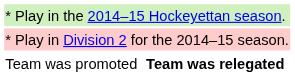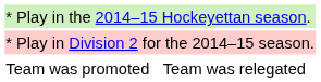 <table>
 <tr style="background: #D0F0C0;">
 <td colspan=2><small> * Play in the <a href='#'>2014–15 Hockeyettan season</a>.</small></td>
 </tr>
 <tr style="background: #FFCCCC;">
 <td colspan=2><small> * Play in <a href='#'>Division 2</a> for the 2014–15 season.</small></td>
 </tr>
 <tr>
 <td><small>  Team was promoted</small></td>
-<td><strong><small>  Team was relegated</small></strong></td>
+<td><small>  Team was relegated</small></td>
 </tr>
 </table>
